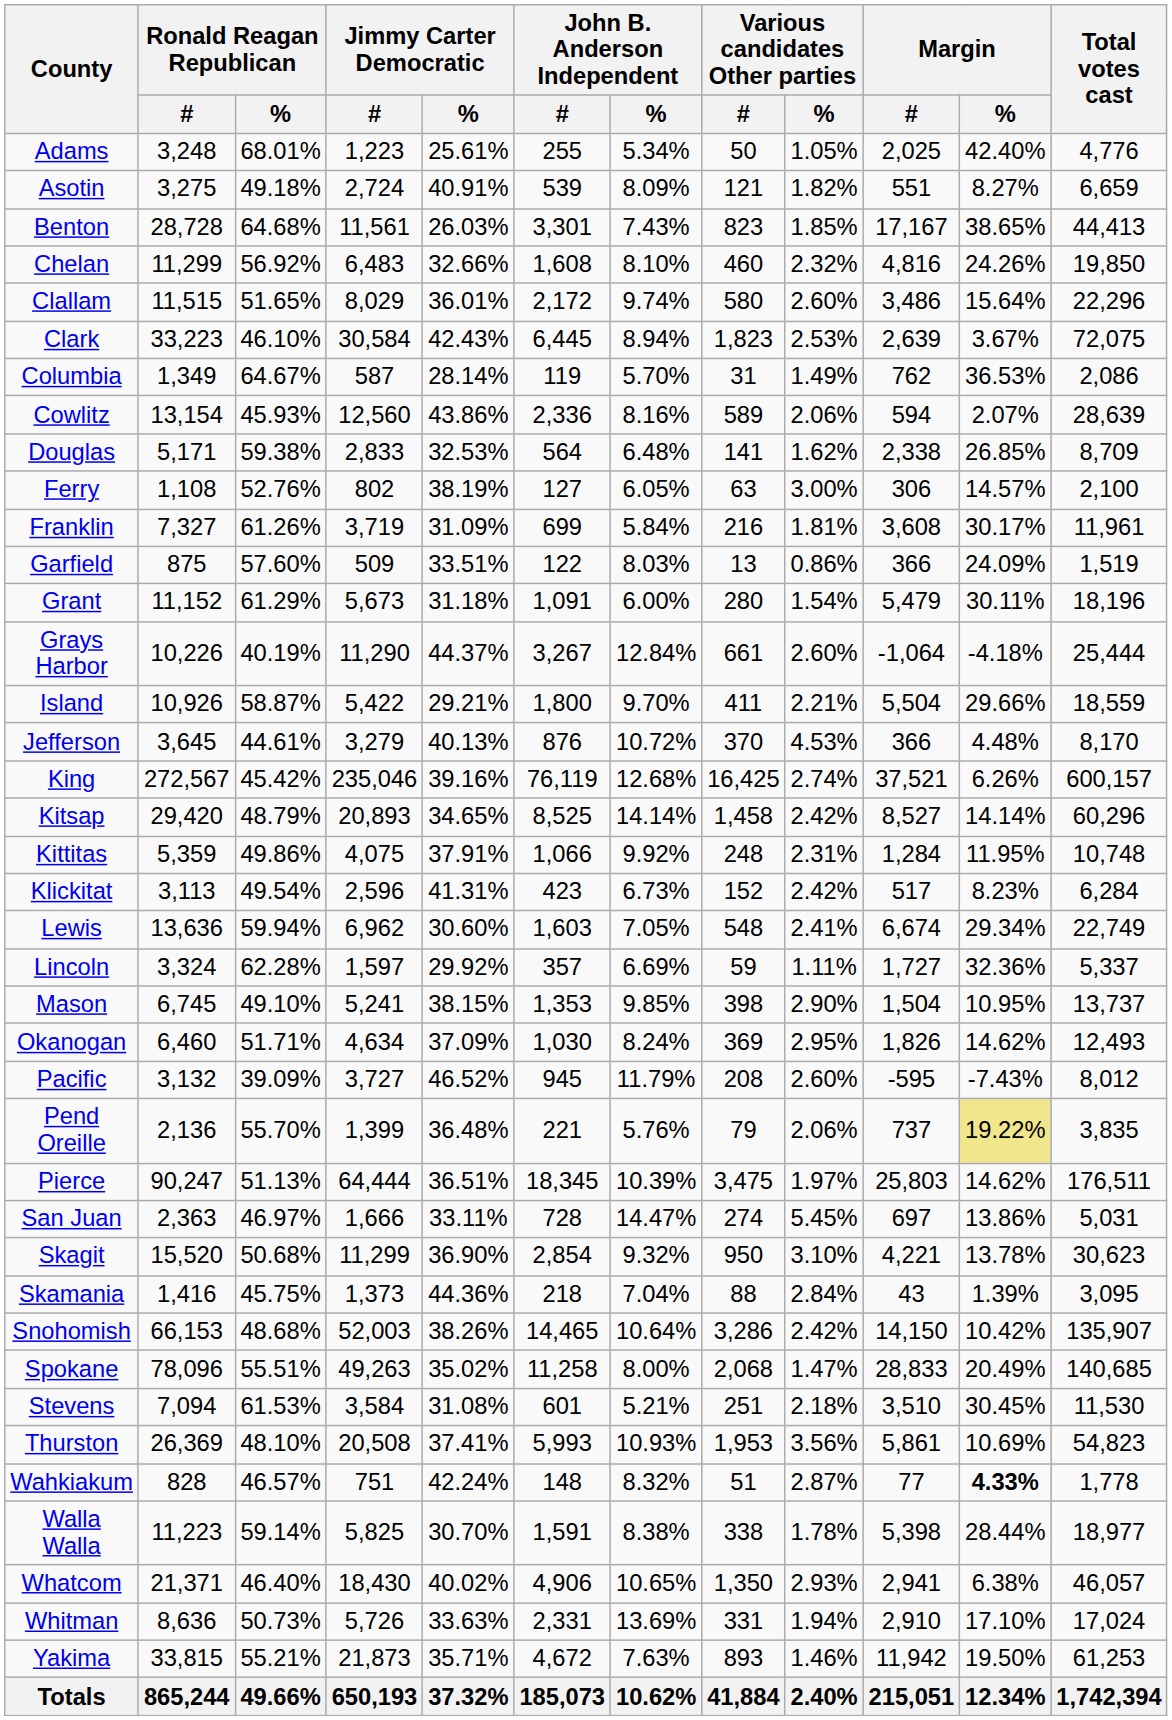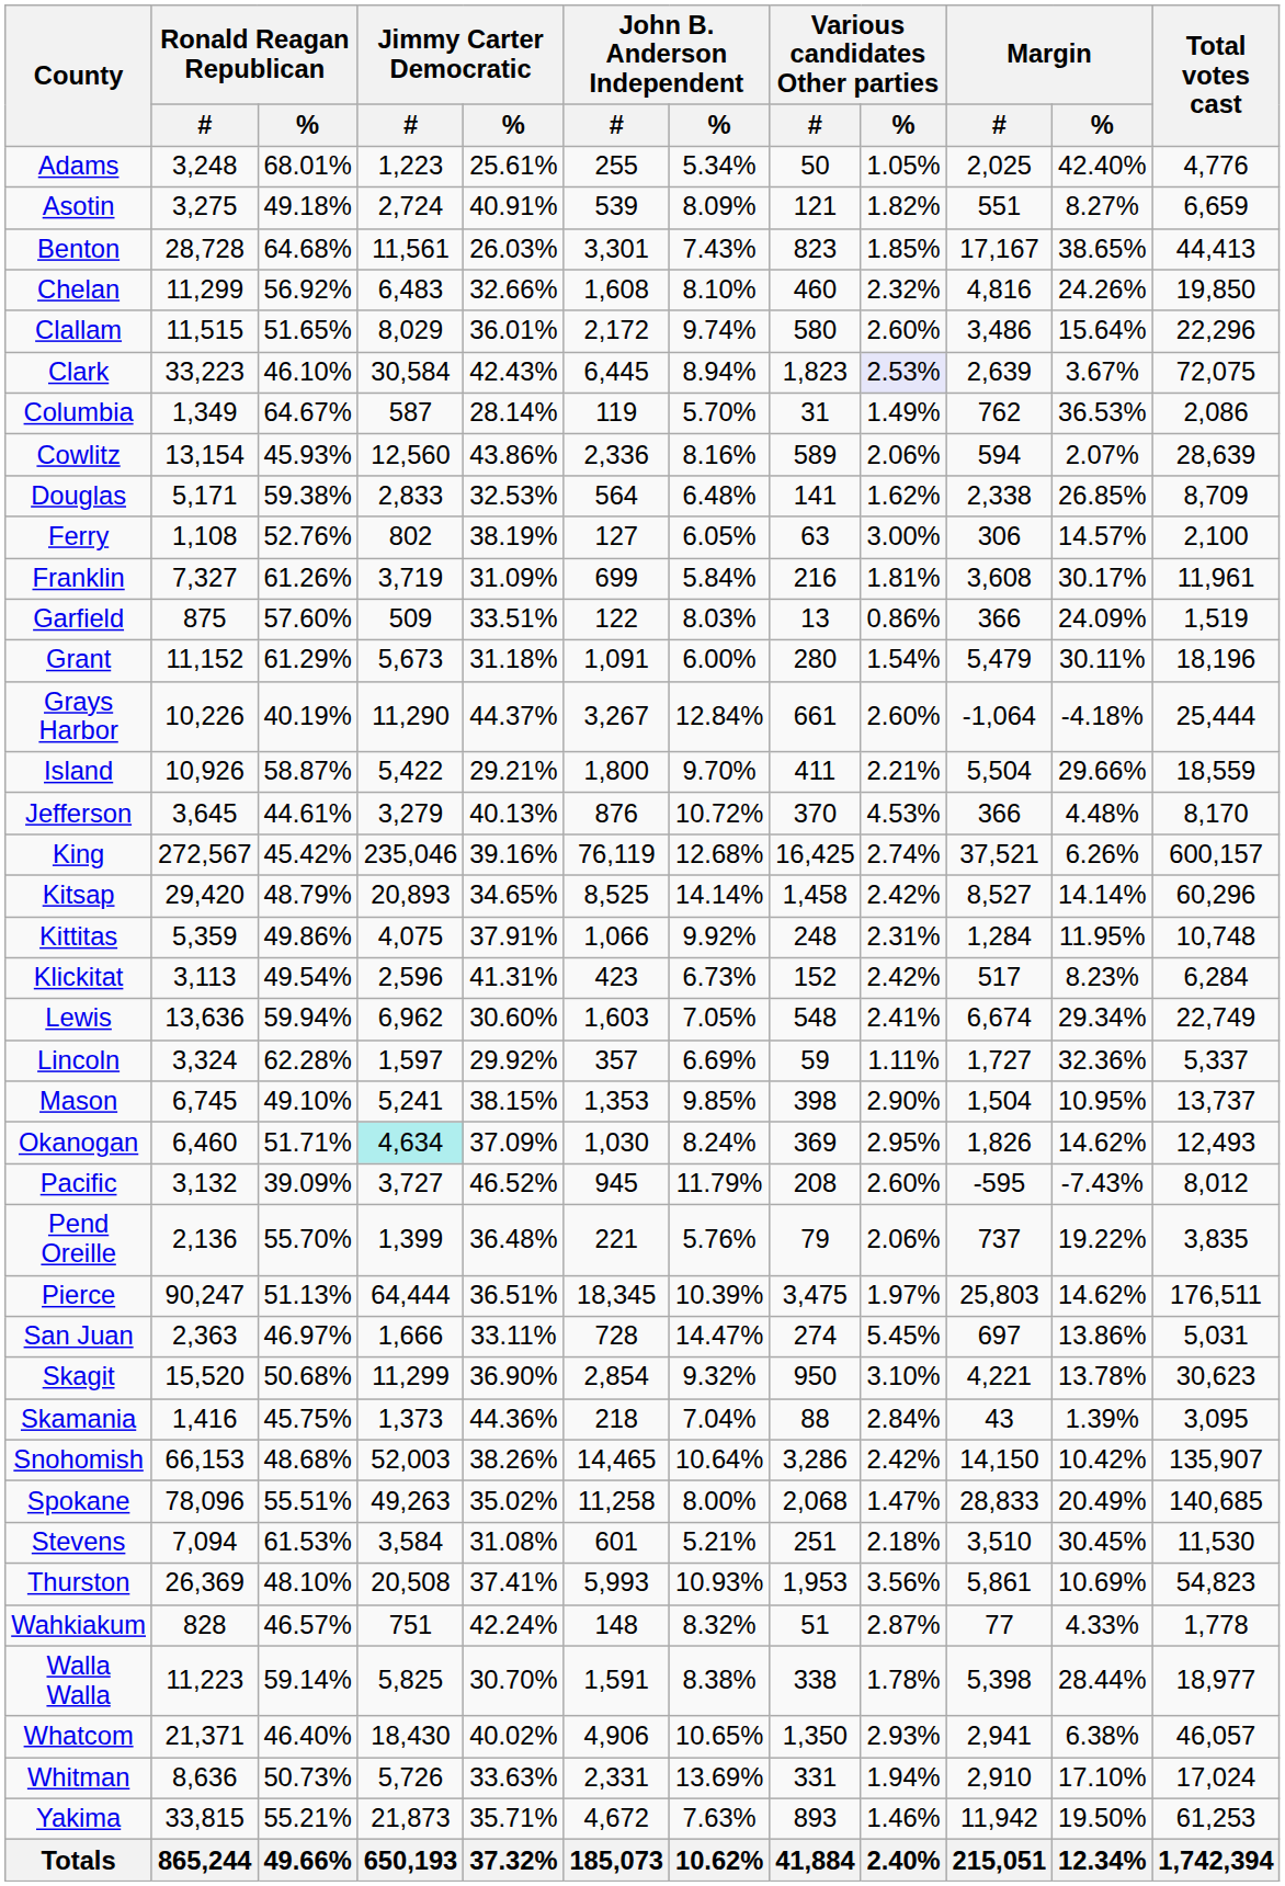 <table width="60%" class="wikitable sortable">
 <tr>
 <th style="text-align:center;" rowspan="2">County</th>
 <th style="text-align:center;" colspan="2">Ronald Reagan<br>Republican</th>
 <th style="text-align:center;" colspan="2">Jimmy Carter<br>Democratic</th>
 <th style="text-align:center;" colspan="2">John B. Anderson<br>Independent</th>
 <th style="text-align:center;" colspan="2">Various candidates<br>Other parties</th>
 <th style="text-align:center;" colspan="2">Margin</th>
 <th style="text-align:center;" rowspan="2">Total votes cast</th>
 </tr>
 <tr>
 <th style="text-align:center;" data-sort-type="number">#</th>
 <th style="text-align:center;" data-sort-type="number">%</th>
 <th style="text-align:center;" data-sort-type="number">#</th>
 <th style="text-align:center;" data-sort-type="number">%</th>
 <th style="text-align:center;" data-sort-type="number">#</th>
 <th style="text-align:center;" data-sort-type="number">%</th>
 <th style="text-align:center;" data-sort-type="number">#</th>
 <th style="text-align:center;" data-sort-type="number">%</th>
 <th style="text-align:center;" data-sort-type="number">#</th>
 <th style="text-align:center;" data-sort-type="number">%</th>
 </tr>
 <tr style="text-align:center;">
 <td><a href='#'>Adams</a></td>
 <td>3,248</td>
 <td>68.01%</td>
 <td>1,223</td>
 <td>25.61%</td>
 <td>255</td>
 <td>5.34%</td>
 <td>50</td>
 <td>1.05%</td>
 <td>2,025</td>
 <td>42.40%</td>
 <td>4,776</td>
 </tr>
 <tr style="text-align:center;">
 <td><a href='#'>Asotin</a></td>
 <td>3,275</td>
 <td>49.18%</td>
 <td>2,724</td>
 <td>40.91%</td>
 <td>539</td>
 <td>8.09%</td>
 <td>121</td>
 <td>1.82%</td>
 <td>551</td>
 <td>8.27%</td>
 <td>6,659</td>
 </tr>
 <tr style="text-align:center;">
 <td><a href='#'>Benton</a></td>
 <td>28,728</td>
 <td>64.68%</td>
 <td>11,561</td>
 <td>26.03%</td>
 <td>3,301</td>
 <td>7.43%</td>
 <td>823</td>
 <td>1.85%</td>
 <td>17,167</td>
 <td>38.65%</td>
 <td>44,413</td>
 </tr>
 <tr style="text-align:center;">
 <td><a href='#'>Chelan</a></td>
 <td>11,299</td>
 <td>56.92%</td>
 <td>6,483</td>
 <td>32.66%</td>
 <td>1,608</td>
 <td>8.10%</td>
 <td>460</td>
 <td>2.32%</td>
 <td>4,816</td>
 <td>24.26%</td>
 <td>19,850</td>
 </tr>
 <tr style="text-align:center;">
 <td><a href='#'>Clallam</a></td>
 <td>11,515</td>
 <td>51.65%</td>
 <td>8,029</td>
 <td>36.01%</td>
 <td>2,172</td>
 <td>9.74%</td>
 <td>580</td>
 <td>2.60%</td>
 <td>3,486</td>
 <td>15.64%</td>
 <td>22,296</td>
 </tr>
 <tr style="text-align:center;">
 <td><a href='#'>Clark</a></td>
 <td>33,223</td>
 <td>46.10%</td>
 <td>30,584</td>
 <td>42.43%</td>
 <td>6,445</td>
 <td>8.94%</td>
 <td>1,823</td>
-<td>2.53%</td>
+<td style="background: lavender;">2.53%</td>
 <td>2,639</td>
 <td>3.67%</td>
 <td>72,075</td>
 </tr>
 <tr style="text-align:center;">
 <td><a href='#'>Columbia</a></td>
 <td>1,349</td>
 <td>64.67%</td>
 <td>587</td>
 <td>28.14%</td>
 <td>119</td>
 <td>5.70%</td>
 <td>31</td>
 <td>1.49%</td>
 <td>762</td>
 <td>36.53%</td>
 <td>2,086</td>
 </tr>
 <tr style="text-align:center;">
 <td><a href='#'>Cowlitz</a></td>
 <td>13,154</td>
 <td>45.93%</td>
 <td>12,560</td>
 <td>43.86%</td>
 <td>2,336</td>
 <td>8.16%</td>
 <td>589</td>
 <td>2.06%</td>
 <td>594</td>
 <td>2.07%</td>
 <td>28,639</td>
 </tr>
 <tr style="text-align:center;">
 <td><a href='#'>Douglas</a></td>
 <td>5,171</td>
 <td>59.38%</td>
 <td>2,833</td>
 <td>32.53%</td>
 <td>564</td>
 <td>6.48%</td>
 <td>141</td>
 <td>1.62%</td>
 <td>2,338</td>
 <td>26.85%</td>
 <td>8,709</td>
 </tr>
 <tr style="text-align:center;">
 <td><a href='#'>Ferry</a></td>
 <td>1,108</td>
 <td>52.76%</td>
 <td>802</td>
 <td>38.19%</td>
 <td>127</td>
 <td>6.05%</td>
 <td>63</td>
 <td>3.00%</td>
 <td>306</td>
 <td>14.57%</td>
 <td>2,100</td>
 </tr>
 <tr style="text-align:center;">
 <td><a href='#'>Franklin</a></td>
 <td>7,327</td>
 <td>61.26%</td>
 <td>3,719</td>
 <td>31.09%</td>
 <td>699</td>
 <td>5.84%</td>
 <td>216</td>
 <td>1.81%</td>
 <td>3,608</td>
 <td>30.17%</td>
 <td>11,961</td>
 </tr>
 <tr style="text-align:center;">
 <td><a href='#'>Garfield</a></td>
 <td>875</td>
 <td>57.60%</td>
 <td>509</td>
 <td>33.51%</td>
 <td>122</td>
 <td>8.03%</td>
 <td>13</td>
 <td>0.86%</td>
 <td>366</td>
 <td>24.09%</td>
 <td>1,519</td>
 </tr>
 <tr style="text-align:center;">
 <td><a href='#'>Grant</a></td>
 <td>11,152</td>
 <td>61.29%</td>
 <td>5,673</td>
 <td>31.18%</td>
 <td>1,091</td>
 <td>6.00%</td>
 <td>280</td>
 <td>1.54%</td>
 <td>5,479</td>
 <td>30.11%</td>
 <td>18,196</td>
 </tr>
 <tr style="text-align:center;">
 <td><a href='#'>Grays Harbor</a></td>
 <td>10,226</td>
 <td>40.19%</td>
 <td>11,290</td>
 <td>44.37%</td>
 <td>3,267</td>
 <td>12.84%</td>
 <td>661</td>
 <td>2.60%</td>
 <td>-1,064</td>
 <td>-4.18%</td>
 <td>25,444</td>
 </tr>
 <tr style="text-align:center;">
 <td><a href='#'>Island</a></td>
 <td>10,926</td>
 <td>58.87%</td>
 <td>5,422</td>
 <td>29.21%</td>
 <td>1,800</td>
 <td>9.70%</td>
 <td>411</td>
 <td>2.21%</td>
 <td>5,504</td>
 <td>29.66%</td>
 <td>18,559</td>
 </tr>
 <tr style="text-align:center;">
 <td><a href='#'>Jefferson</a></td>
 <td>3,645</td>
 <td>44.61%</td>
 <td>3,279</td>
 <td>40.13%</td>
 <td>876</td>
 <td>10.72%</td>
 <td>370</td>
 <td>4.53%</td>
 <td>366</td>
 <td>4.48%</td>
 <td>8,170</td>
 </tr>
 <tr style="text-align:center;">
 <td><a href='#'>King</a></td>
 <td>272,567</td>
 <td>45.42%</td>
 <td>235,046</td>
 <td>39.16%</td>
 <td>76,119</td>
 <td>12.68%</td>
 <td>16,425</td>
 <td>2.74%</td>
 <td>37,521</td>
 <td>6.26%</td>
 <td>600,157</td>
 </tr>
 <tr style="text-align:center;">
 <td><a href='#'>Kitsap</a></td>
 <td>29,420</td>
 <td>48.79%</td>
 <td>20,893</td>
 <td>34.65%</td>
 <td>8,525</td>
 <td>14.14%</td>
 <td>1,458</td>
 <td>2.42%</td>
 <td>8,527</td>
 <td>14.14%</td>
 <td>60,296</td>
 </tr>
 <tr style="text-align:center;">
 <td><a href='#'>Kittitas</a></td>
 <td>5,359</td>
 <td>49.86%</td>
 <td>4,075</td>
 <td>37.91%</td>
 <td>1,066</td>
 <td>9.92%</td>
 <td>248</td>
 <td>2.31%</td>
 <td>1,284</td>
 <td>11.95%</td>
 <td>10,748</td>
 </tr>
 <tr style="text-align:center;">
 <td><a href='#'>Klickitat</a></td>
 <td>3,113</td>
 <td>49.54%</td>
 <td>2,596</td>
 <td>41.31%</td>
 <td>423</td>
 <td>6.73%</td>
 <td>152</td>
 <td>2.42%</td>
 <td>517</td>
 <td>8.23%</td>
 <td>6,284</td>
 </tr>
 <tr style="text-align:center;">
 <td><a href='#'>Lewis</a></td>
 <td>13,636</td>
 <td>59.94%</td>
 <td>6,962</td>
 <td>30.60%</td>
 <td>1,603</td>
 <td>7.05%</td>
 <td>548</td>
 <td>2.41%</td>
 <td>6,674</td>
 <td>29.34%</td>
 <td>22,749</td>
 </tr>
 <tr style="text-align:center;">
 <td><a href='#'>Lincoln</a></td>
 <td>3,324</td>
 <td>62.28%</td>
 <td>1,597</td>
 <td>29.92%</td>
 <td>357</td>
 <td>6.69%</td>
 <td>59</td>
 <td>1.11%</td>
 <td>1,727</td>
 <td>32.36%</td>
 <td>5,337</td>
 </tr>
 <tr style="text-align:center;">
 <td><a href='#'>Mason</a></td>
 <td>6,745</td>
 <td>49.10%</td>
 <td>5,241</td>
 <td>38.15%</td>
 <td>1,353</td>
 <td>9.85%</td>
 <td>398</td>
 <td>2.90%</td>
 <td>1,504</td>
 <td>10.95%</td>
 <td>13,737</td>
 </tr>
 <tr style="text-align:center;">
 <td><a href='#'>Okanogan</a></td>
 <td>6,460</td>
 <td>51.71%</td>
-<td>4,634</td>
+<td style="background: paleturquoise;">4,634</td>
 <td>37.09%</td>
 <td>1,030</td>
 <td>8.24%</td>
 <td>369</td>
 <td>2.95%</td>
 <td>1,826</td>
 <td>14.62%</td>
 <td>12,493</td>
 </tr>
 <tr style="text-align:center;">
 <td><a href='#'>Pacific</a></td>
 <td>3,132</td>
 <td>39.09%</td>
 <td>3,727</td>
 <td>46.52%</td>
 <td>945</td>
 <td>11.79%</td>
 <td>208</td>
 <td>2.60%</td>
 <td>-595</td>
 <td>-7.43%</td>
 <td>8,012</td>
 </tr>
 <tr style="text-align:center;">
 <td><a href='#'>Pend Oreille</a></td>
 <td>2,136</td>
 <td>55.70%</td>
 <td>1,399</td>
 <td>36.48%</td>
 <td>221</td>
 <td>5.76%</td>
 <td>79</td>
 <td>2.06%</td>
 <td>737</td>
-<td style="background: khaki;">19.22%</td>
+<td>19.22%</td>
 <td>3,835</td>
 </tr>
 <tr style="text-align:center;">
 <td><a href='#'>Pierce</a></td>
 <td>90,247</td>
 <td>51.13%</td>
 <td>64,444</td>
 <td>36.51%</td>
 <td>18,345</td>
 <td>10.39%</td>
 <td>3,475</td>
 <td>1.97%</td>
 <td>25,803</td>
 <td>14.62%</td>
 <td>176,511</td>
 </tr>
 <tr style="text-align:center;">
 <td><a href='#'>San Juan</a></td>
 <td>2,363</td>
 <td>46.97%</td>
 <td>1,666</td>
 <td>33.11%</td>
 <td>728</td>
 <td>14.47%</td>
 <td>274</td>
 <td>5.45%</td>
 <td>697</td>
 <td>13.86%</td>
 <td>5,031</td>
 </tr>
 <tr style="text-align:center;">
 <td><a href='#'>Skagit</a></td>
 <td>15,520</td>
 <td>50.68%</td>
 <td>11,299</td>
 <td>36.90%</td>
 <td>2,854</td>
 <td>9.32%</td>
 <td>950</td>
 <td>3.10%</td>
 <td>4,221</td>
 <td>13.78%</td>
 <td>30,623</td>
 </tr>
 <tr style="text-align:center;">
 <td><a href='#'>Skamania</a></td>
 <td>1,416</td>
 <td>45.75%</td>
 <td>1,373</td>
 <td>44.36%</td>
 <td>218</td>
 <td>7.04%</td>
 <td>88</td>
 <td>2.84%</td>
 <td>43</td>
 <td>1.39%</td>
 <td>3,095</td>
 </tr>
 <tr style="text-align:center;">
 <td><a href='#'>Snohomish</a></td>
 <td>66,153</td>
 <td>48.68%</td>
 <td>52,003</td>
 <td>38.26%</td>
 <td>14,465</td>
 <td>10.64%</td>
 <td>3,286</td>
 <td>2.42%</td>
 <td>14,150</td>
 <td>10.42%</td>
 <td>135,907</td>
 </tr>
 <tr style="text-align:center;">
 <td><a href='#'>Spokane</a></td>
 <td>78,096</td>
 <td>55.51%</td>
 <td>49,263</td>
 <td>35.02%</td>
 <td>11,258</td>
 <td>8.00%</td>
 <td>2,068</td>
 <td>1.47%</td>
 <td>28,833</td>
 <td>20.49%</td>
 <td>140,685</td>
 </tr>
 <tr style="text-align:center;">
 <td><a href='#'>Stevens</a></td>
 <td>7,094</td>
 <td>61.53%</td>
 <td>3,584</td>
 <td>31.08%</td>
 <td>601</td>
 <td>5.21%</td>
 <td>251</td>
 <td>2.18%</td>
 <td>3,510</td>
 <td>30.45%</td>
 <td>11,530</td>
 </tr>
 <tr style="text-align:center;">
 <td><a href='#'>Thurston</a></td>
 <td>26,369</td>
 <td>48.10%</td>
 <td>20,508</td>
 <td>37.41%</td>
 <td>5,993</td>
 <td>10.93%</td>
 <td>1,953</td>
 <td>3.56%</td>
 <td>5,861</td>
 <td>10.69%</td>
 <td>54,823</td>
 </tr>
 <tr style="text-align:center;">
 <td><a href='#'>Wahkiakum</a></td>
 <td>828</td>
 <td>46.57%</td>
 <td>751</td>
 <td>42.24%</td>
 <td>148</td>
 <td>8.32%</td>
 <td>51</td>
 <td>2.87%</td>
 <td>77</td>
-<td><strong>4.33%</strong></td>
+<td>4.33%</td>
 <td>1,778</td>
 </tr>
 <tr style="text-align:center;">
 <td><a href='#'>Walla Walla</a></td>
 <td>11,223</td>
 <td>59.14%</td>
 <td>5,825</td>
 <td>30.70%</td>
 <td>1,591</td>
 <td>8.38%</td>
 <td>338</td>
 <td>1.78%</td>
 <td>5,398</td>
 <td>28.44%</td>
 <td>18,977</td>
 </tr>
 <tr style="text-align:center;">
 <td><a href='#'>Whatcom</a></td>
 <td>21,371</td>
 <td>46.40%</td>
 <td>18,430</td>
 <td>40.02%</td>
 <td>4,906</td>
 <td>10.65%</td>
 <td>1,350</td>
 <td>2.93%</td>
 <td>2,941</td>
 <td>6.38%</td>
 <td>46,057</td>
 </tr>
 <tr style="text-align:center;">
 <td><a href='#'>Whitman</a></td>
 <td>8,636</td>
 <td>50.73%</td>
 <td>5,726</td>
 <td>33.63%</td>
 <td>2,331</td>
 <td>13.69%</td>
 <td>331</td>
 <td>1.94%</td>
 <td>2,910</td>
 <td>17.10%</td>
 <td>17,024</td>
 </tr>
 <tr style="text-align:center;">
 <td><a href='#'>Yakima</a></td>
 <td>33,815</td>
 <td>55.21%</td>
 <td>21,873</td>
 <td>35.71%</td>
 <td>4,672</td>
 <td>7.63%</td>
 <td>893</td>
 <td>1.46%</td>
 <td>11,942</td>
 <td>19.50%</td>
 <td>61,253</td>
 </tr>
 <tr>
 <th>Totals</th>
 <th>865,244</th>
 <th>49.66%</th>
 <th>650,193</th>
 <th>37.32%</th>
 <th>185,073</th>
 <th>10.62%</th>
 <th>41,884</th>
 <th>2.40%</th>
 <th>215,051</th>
 <th>12.34%</th>
 <th>1,742,394</th>
 </tr>
 </table>
